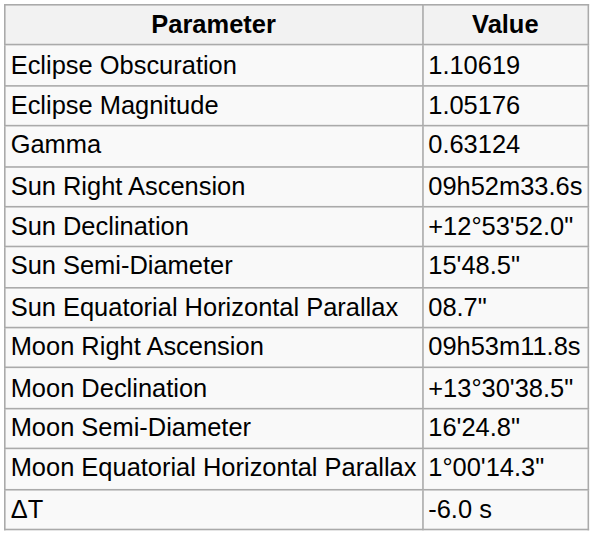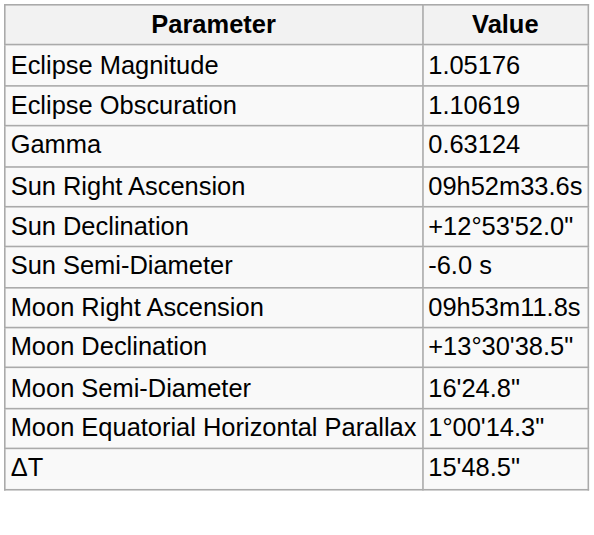 <table class="wikitable">
 <tr>
 <th>Parameter</th>
 <th>Value</th>
 </tr>
 <tr>
+<td>Eclipse Magnitude</td>
+<td>1.05176</td>
+</tr>
+<tr>
 <td>Eclipse Obscuration</td>
 <td>1.10619</td>
-</tr>
-<tr>
-<td>Eclipse Magnitude</td>
-<td>1.05176</td>
 </tr>
 <tr>
 <td>Gamma</td>
 <td>0.63124</td>
 </tr>
 <tr>
 <td>Sun Right Ascension</td>
 <td>09h52m33.6s</td>
 </tr>
 <tr>
 <td>Sun Declination</td>
 <td>+12°53'52.0"</td>
 </tr>
 <tr>
 <td>Sun Semi-Diameter</td>
-<td>15'48.5"</td>
-</tr>
-<tr>
-<td>Sun Equatorial Horizontal Parallax</td>
-<td>08.7"</td>
+<td>-6.0 s</td>
 </tr>
 <tr>
 <td>Moon Right Ascension</td>
 <td>09h53m11.8s</td>
 </tr>
 <tr>
 <td>Moon Declination</td>
 <td>+13°30'38.5"</td>
 </tr>
 <tr>
 <td>Moon Semi-Diameter</td>
 <td>16'24.8"</td>
 </tr>
 <tr>
 <td>Moon Equatorial Horizontal Parallax</td>
 <td>1°00'14.3"</td>
 </tr>
 <tr>
 <td>ΔT</td>
-<td>-6.0 s</td>
+<td>15'48.5"</td>
 </tr>
 </table>
